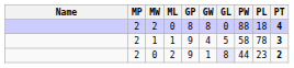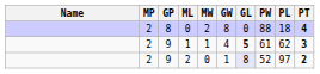 <table class=wikitable style="text-align:center">
 <tr>
 <th width=175>Name</th>
 <th width=20>MP</th>
+<th width=20>GP</th>
+<th width=20>ML</th>
 <th width=20>MW</th>
-<th width=20>ML</th>
-<th width=20>GP</th>
 <th width=20>GW</th>
 <th width=20>GL</th>
 <th width=20>PW</th>
 <th width=20>PL</th>
 <th width=20>PT</th>
 </tr>
 <tr style="background-color:#ccccff;">
 <td style="text-align:left;"><strong></strong></td>
 <td>2</td>
+<td>8</td>
+<td>0</td>
 <td>2</td>
-<td>0</td>
-<td>8</td>
 <td>8</td>
 <td>0</td>
 <td>88</td>
 <td>18</td>
 <td><strong>4</strong></td>
 </tr>
 <tr>
 <td style="text-align:left;"></td>
 <td>2</td>
+<td>9</td>
 <td>1</td>
 <td>1</td>
-<td>9</td>
 <td>4</td>
-<td>5</td>
-<td>58</td>
-<td>78</td>
+<td><strong>5</strong></td>
+<td>61</td>
+<td>62</td>
 <td><strong>3</strong></td>
 </tr>
 <tr>
 <td style="text-align:left;"></td>
 <td>2</td>
+<td>9</td>
+<td>2</td>
 <td>0</td>
-<td>2</td>
-<td>9</td>
 <td>1</td>
 <td style="background: lavender;">8</td>
-<td>44</td>
-<td>23</td>
+<td>52</td>
+<td>97</td>
 <td><strong>2</strong></td>
 </tr>
 </table>
